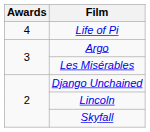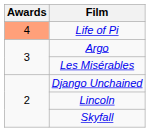 <table class="wikitable" style="text-align:center;">
 <tr>
 <th scope="col" width="55">Awards</th>
 <th scope="col" align="center">Film</th>
 </tr>
 <tr>
-<td style="text-align: center;">4</td>
+<td style="background: lightsalmon; text-align: center;">4</td>
 <td><em><a href='#'>Life of Pi</a></em></td>
 </tr>
 <tr>
 <td rowspan=2 style="text-align:center">3</td>
 <td><em><a href='#'>Argo</a></em></td>
 </tr>
 <tr>
 <td><em><a href='#'>Les Misérables</a></em></td>
 </tr>
 <tr>
 <td rowspan=3 style="text-align:center">2</td>
 <td><em><a href='#'>Django Unchained</a></em></td>
 </tr>
 <tr>
 <td><em><a href='#'>Lincoln</a></em></td>
 </tr>
 <tr>
 <td><em><a href='#'>Skyfall</a></em></td>
 </tr>
 </table>
